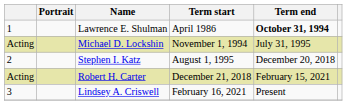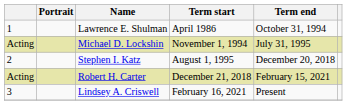 <table class="wikitable">
 <tr>
 <th></th>
 <th>Portrait</th>
 <th>Name</th>
 <th>Term start</th>
 <th>Term end</th>
 <th></th>
 </tr>
 <tr>
 <td>1</td>
 <td></td>
 <td>Lawrence E. Shulman</td>
 <td>April 1986</td>
-<td><strong>October 31, 1994</strong></td>
+<td>October 31, 1994</td>
 <td></td>
 </tr>
 <tr bgcolor="#e6e6aa">
 <td>Acting</td>
 <td></td>
 <td><a href='#'>Michael D. Lockshin</a></td>
 <td>November 1, 1994</td>
 <td>July 31, 1995</td>
 <td></td>
 </tr>
 <tr>
 <td>2</td>
 <td></td>
 <td><a href='#'>Stephen I. Katz</a></td>
 <td>August 1, 1995</td>
 <td>December 20, 2018</td>
 <td></td>
 </tr>
 <tr bgcolor="#e6e6aa">
 <td>Acting</td>
 <td></td>
 <td><a href='#'>Robert H. Carter</a></td>
 <td>December 21, 2018</td>
 <td>February 15, 2021</td>
 <td></td>
 </tr>
 <tr>
 <td>3</td>
 <td></td>
 <td><a href='#'>Lindsey A. Criswell</a></td>
 <td>February 16, 2021</td>
 <td>Present</td>
 <td></td>
 </tr>
 <tr>
 </tr>
 </table>
